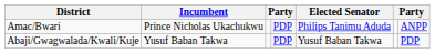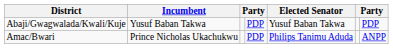 <table class="sortable wikitable" style="font-size:95%;line-height:14px;">
 <tr>
 <th class="unsortable">District</th>
 <th class="unsortable"><a href='#'>Incumbent</a></th>
 <th colspan="2">Party</th>
 <th class="unsortable">Elected Senator</th>
 <th colspan="2">Party</th>
+</tr>
+<tr>
+<td>Abaji/Gwagwalada/Kwali/Kuje</td>
+<td>Yusuf Baban Takwa</td>
+<td style="background:"></td>
+<td><a href='#'>PDP</a></td>
+<td>Yusuf Baban Takwa</td>
+<td style="background:"></td>
+<td><a href='#'>PDP</a></td>
 </tr>
 <tr>
 <td>Amac/Bwari</td>
 <td>Prince Nicholas Ukachukwu</td>
 <td style="background:"></td>
 <td><a href='#'>PDP</a></td>
 <td><a href='#'>Philips Tanimu Aduda</a></td>
 <td style="background:"></td>
 <td><a href='#'>ANPP</a></td>
 </tr>
-<tr>
-<td>Abaji/Gwagwalada/Kwali/Kuje</td>
-<td>Yusuf Baban Takwa</td>
-<td style="background:"></td>
-<td><a href='#'>PDP</a></td>
-<td>Yusuf Baban Takwa</td>
-<td style="background:"></td>
-<td><a href='#'>PDP</a></td>
-</tr>
 </table>
